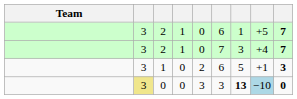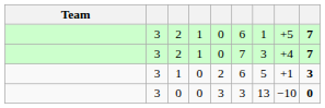 <table class="wikitable" style="text-align: center;">
 <tr>
 <th width="175">Team</th>
 <th width="20"></th>
 <th width="20"></th>
 <th width="20"></th>
 <th width="20"></th>
 <th width="20"></th>
 <th width="20"></th>
 <th width="20"></th>
 <th width="20"></th>
 </tr>
 <tr style="background:#ccffcc;">
 <td align=left></td>
 <td>3</td>
 <td>2</td>
 <td>1</td>
 <td>0</td>
 <td>6</td>
 <td>1</td>
 <td>+5</td>
 <td><strong>7</strong></td>
 </tr>
 <tr style="background:#ccffcc;">
 <td align=left></td>
 <td>3</td>
 <td>2</td>
 <td>1</td>
 <td>0</td>
 <td>7</td>
 <td>3</td>
 <td>+4</td>
 <td><strong>7</strong></td>
 </tr>
 <tr>
 <td align=left></td>
 <td>3</td>
 <td>1</td>
 <td>0</td>
 <td>2</td>
 <td>6</td>
 <td>5</td>
 <td>+1</td>
 <td><strong>3</strong></td>
 </tr>
 <tr>
 <td align=left></td>
-<td style="background: khaki;">3</td>
+<td>3</td>
 <td>0</td>
 <td>0</td>
 <td>3</td>
 <td>3</td>
-<td><strong>13</strong></td>
-<td style="background: lightblue;">−10</td>
+<td>13</td>
+<td>−10</td>
 <td><strong>0</strong></td>
 </tr>
 </table>
